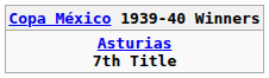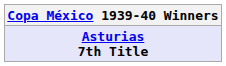 <table class="wikitable" style="text-align: center; margin: 0 auto;">
 <tr>
 <th><a href='#'>Copa México</a> 1939-40 Winners</th>
 </tr>
 <tr>
-<td><strong><a href='#'>Asturias</a></strong><br><strong>7th Title</strong></td>
+<td style="background: lavender;"><strong><a href='#'>Asturias</a></strong><br><strong>7th Title</strong></td>
 </tr>
 </table>
